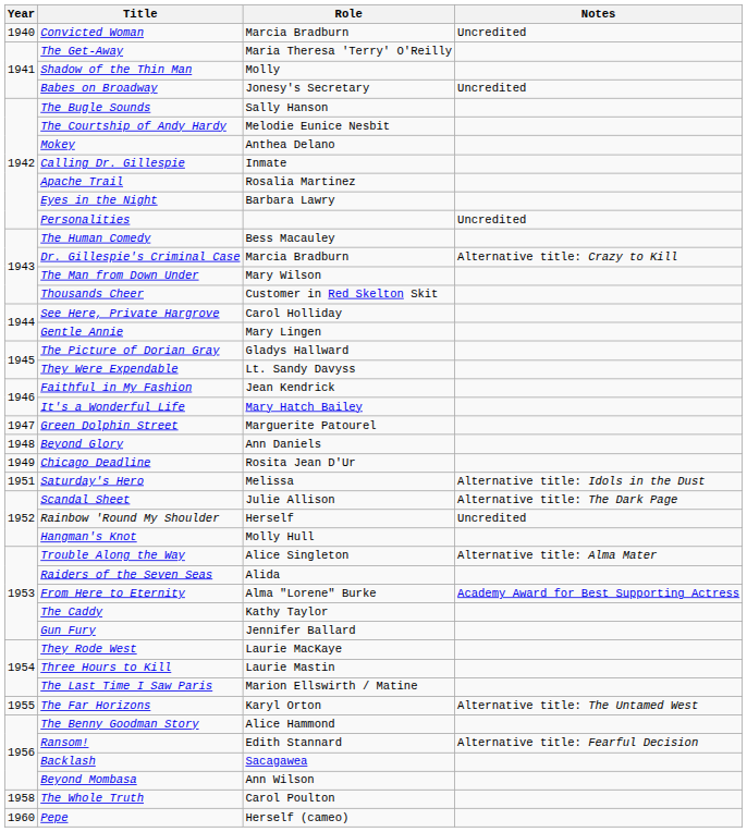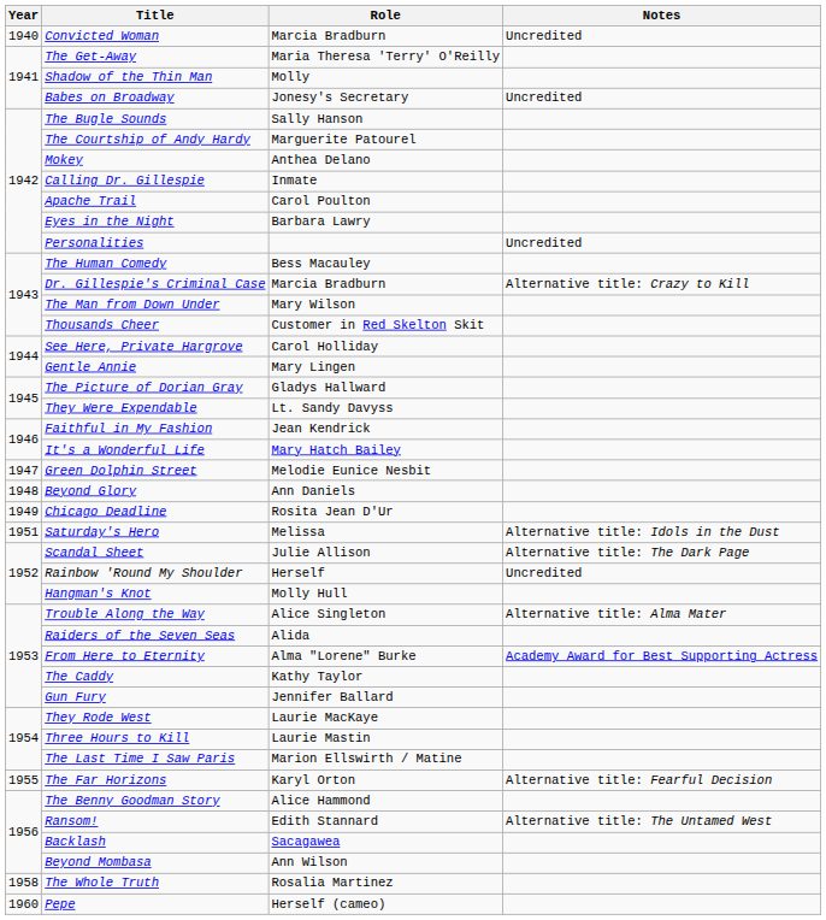 <table class="wikitable">
 <tr>
 <th>Year</th>
 <th>Title</th>
 <th>Role</th>
 <th>Notes</th>
 </tr>
 <tr>
 <td>1940</td>
 <td><em><a href='#'>Convicted Woman</a></em></td>
 <td>Marcia Bradburn</td>
 <td>Uncredited</td>
 </tr>
 <tr>
 <td rowspan=3>1941</td>
 <td><em><a href='#'>The Get-Away</a></em></td>
 <td>Maria Theresa 'Terry' O'Reilly</td>
 <td></td>
 </tr>
 <tr>
 <td><em><a href='#'>Shadow of the Thin Man</a></em></td>
 <td>Molly</td>
 <td></td>
 </tr>
 <tr>
 <td><em><a href='#'>Babes on Broadway</a></em></td>
 <td>Jonesy's Secretary</td>
 <td>Uncredited</td>
 </tr>
 <tr>
 <td rowspan=7>1942</td>
 <td><em><a href='#'>The Bugle Sounds</a></em></td>
 <td>Sally Hanson</td>
 <td></td>
 </tr>
 <tr>
 <td><em><a href='#'>The Courtship of Andy Hardy</a></em></td>
-<td>Melodie Eunice Nesbit</td>
+<td>Marguerite Patourel</td>
 <td></td>
 </tr>
 <tr>
 <td><em><a href='#'>Mokey</a></em></td>
 <td>Anthea Delano</td>
 <td></td>
 </tr>
 <tr>
 <td><em><a href='#'>Calling Dr. Gillespie</a></em></td>
 <td>Inmate</td>
 <td></td>
 </tr>
 <tr>
 <td><em><a href='#'>Apache Trail</a></em></td>
-<td>Rosalia Martinez</td>
+<td>Carol Poulton</td>
 <td></td>
 </tr>
 <tr>
 <td><em><a href='#'>Eyes in the Night</a></em></td>
 <td>Barbara Lawry</td>
 <td></td>
 </tr>
 <tr>
 <td><em><a href='#'>Personalities</a></em></td>
 <td></td>
 <td>Uncredited</td>
 </tr>
 <tr>
 <td rowspan=4>1943</td>
 <td><em><a href='#'>The Human Comedy</a></em></td>
 <td>Bess Macauley</td>
 <td></td>
 </tr>
 <tr>
 <td><em><a href='#'>Dr. Gillespie's Criminal Case</a></em></td>
 <td>Marcia Bradburn</td>
 <td>Alternative title: <em>Crazy to Kill</em></td>
 </tr>
 <tr>
 <td><em><a href='#'>The Man from Down Under</a></em></td>
 <td>Mary Wilson</td>
 <td></td>
 </tr>
 <tr>
 <td><em><a href='#'>Thousands Cheer</a></em></td>
 <td>Customer in <a href='#'>Red Skelton</a> Skit</td>
 <td></td>
 </tr>
 <tr>
 <td rowspan=2>1944</td>
 <td><em><a href='#'>See Here, Private Hargrove</a></em></td>
 <td>Carol Holliday</td>
 <td></td>
 </tr>
 <tr>
 <td><em><a href='#'>Gentle Annie</a></em></td>
 <td>Mary Lingen</td>
 <td></td>
 </tr>
 <tr>
 <td rowspan=2>1945</td>
 <td><em><a href='#'>The Picture of Dorian Gray</a></em></td>
 <td>Gladys Hallward</td>
 <td></td>
 </tr>
 <tr>
 <td><em><a href='#'>They Were Expendable</a></em></td>
 <td>Lt. Sandy Davyss</td>
 <td></td>
 </tr>
 <tr>
 <td rowspan=2>1946</td>
 <td><em><a href='#'>Faithful in My Fashion</a></em></td>
 <td>Jean Kendrick</td>
 <td></td>
 </tr>
 <tr>
 <td><em><a href='#'>It's a Wonderful Life</a></em></td>
 <td><a href='#'>Mary Hatch Bailey</a></td>
 <td></td>
 </tr>
 <tr>
 <td>1947</td>
 <td><em><a href='#'>Green Dolphin Street</a></em></td>
-<td>Marguerite Patourel</td>
+<td>Melodie Eunice Nesbit</td>
 <td></td>
 </tr>
 <tr>
 <td>1948</td>
 <td><em><a href='#'>Beyond Glory</a></em></td>
 <td>Ann Daniels</td>
 <td></td>
 </tr>
 <tr>
 <td>1949</td>
 <td><em><a href='#'>Chicago Deadline</a></em></td>
 <td>Rosita Jean D'Ur</td>
 <td></td>
 </tr>
 <tr>
 <td>1951</td>
 <td><em><a href='#'>Saturday's Hero</a></em></td>
 <td>Melissa</td>
 <td>Alternative title: <em>Idols in the Dust</em></td>
 </tr>
 <tr>
 <td rowspan=3>1952</td>
 <td><em><a href='#'>Scandal Sheet</a></em></td>
 <td>Julie Allison</td>
 <td>Alternative title: <em>The Dark Page</em></td>
 </tr>
 <tr>
 <td><em>Rainbow 'Round My Shoulder</em></td>
 <td>Herself</td>
 <td>Uncredited</td>
 </tr>
 <tr>
 <td><em><a href='#'>Hangman's Knot</a></em></td>
 <td>Molly Hull</td>
 <td></td>
 </tr>
 <tr>
 <td rowspan=5>1953</td>
 <td><em><a href='#'>Trouble Along the Way</a></em></td>
 <td>Alice Singleton</td>
 <td>Alternative title: <em>Alma Mater</em></td>
 </tr>
 <tr>
 <td><em><a href='#'>Raiders of the Seven Seas</a></em></td>
 <td>Alida</td>
 <td></td>
 </tr>
 <tr>
 <td><em><a href='#'>From Here to Eternity</a></em></td>
 <td>Alma "Lorene" Burke</td>
 <td><a href='#'>Academy Award for Best Supporting Actress</a></td>
 </tr>
 <tr>
 <td><em><a href='#'>The Caddy</a></em></td>
 <td>Kathy Taylor</td>
 <td></td>
 </tr>
 <tr>
 <td><em><a href='#'>Gun Fury</a></em></td>
 <td>Jennifer Ballard</td>
 <td></td>
 </tr>
 <tr>
 <td rowspan=3>1954</td>
 <td><em><a href='#'>They Rode West</a></em></td>
 <td>Laurie MacKaye</td>
 <td></td>
 </tr>
 <tr>
 <td><em><a href='#'>Three Hours to Kill</a></em></td>
 <td>Laurie Mastin</td>
 <td></td>
 </tr>
 <tr>
 <td><em><a href='#'>The Last Time I Saw Paris</a></em></td>
 <td>Marion Ellswirth / Matine</td>
 <td></td>
 </tr>
 <tr>
 <td>1955</td>
 <td><em><a href='#'>The Far Horizons</a></em></td>
 <td>Karyl Orton</td>
-<td>Alternative title: <em>The Untamed West</em></td>
+<td>Alternative title: <em>Fearful Decision</em></td>
 </tr>
 <tr>
 <td rowspan=4>1956</td>
 <td><em><a href='#'>The Benny Goodman Story</a></em></td>
 <td>Alice Hammond</td>
 <td></td>
 </tr>
 <tr>
 <td><em><a href='#'>Ransom!</a></em></td>
 <td>Edith Stannard</td>
-<td>Alternative title: <em>Fearful Decision</em></td>
+<td>Alternative title: <em>The Untamed West</em></td>
 </tr>
 <tr>
 <td><em><a href='#'>Backlash</a></em></td>
 <td><a href='#'>Sacagawea</a></td>
 <td></td>
 </tr>
 <tr>
 <td><em><a href='#'>Beyond Mombasa</a></em></td>
 <td>Ann Wilson</td>
 <td></td>
 </tr>
 <tr>
 <td>1958</td>
 <td><em><a href='#'>The Whole Truth</a></em></td>
-<td>Carol Poulton</td>
+<td>Rosalia Martinez</td>
 <td></td>
 </tr>
 <tr>
 <td>1960</td>
 <td><em><a href='#'>Pepe</a></em></td>
 <td>Herself (cameo)</td>
 <td></td>
 </tr>
 </table>
